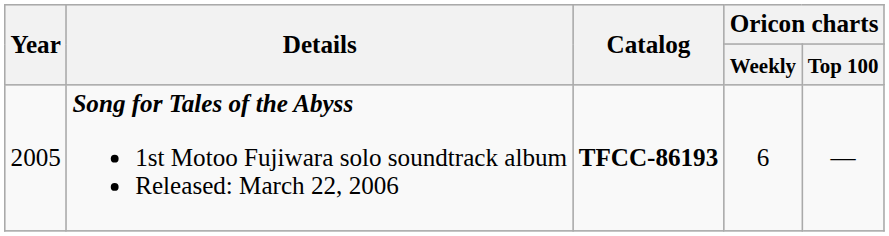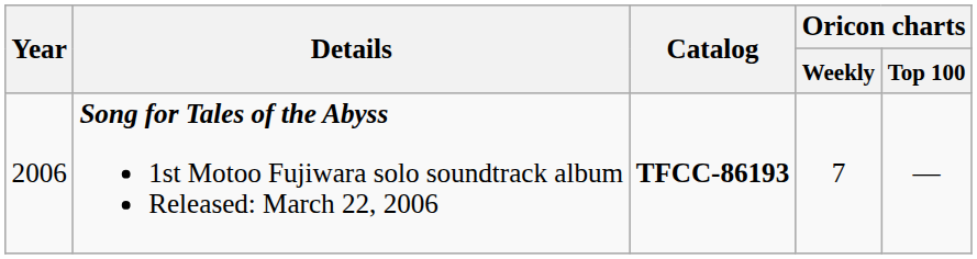 <table class="wikitable">
 <tr>
 <th rowspan="2">Year</th>
 <th rowspan="2">Details</th>
 <th rowspan="2">Catalog</th>
 <th colspan="2">Oricon charts</th>
 </tr>
 <tr>
 <th><small>Weekly</small></th>
 <th><small>Top 100</small></th>
 </tr>
 <tr>
-<td>2005</td>
+<td>2006</td>
 <td><strong><em>Song for Tales of the Abyss</em></strong><br><ul><li>1st Motoo Fujiwara solo soundtrack album</li><li>Released: March 22, 2006</li></ul></td>
 <td><strong>TFCC-86193</strong></td>
-<td align="center">6</td>
+<td align="center">7</td>
 <td align="center">—</td>
 </tr>
 </table>
